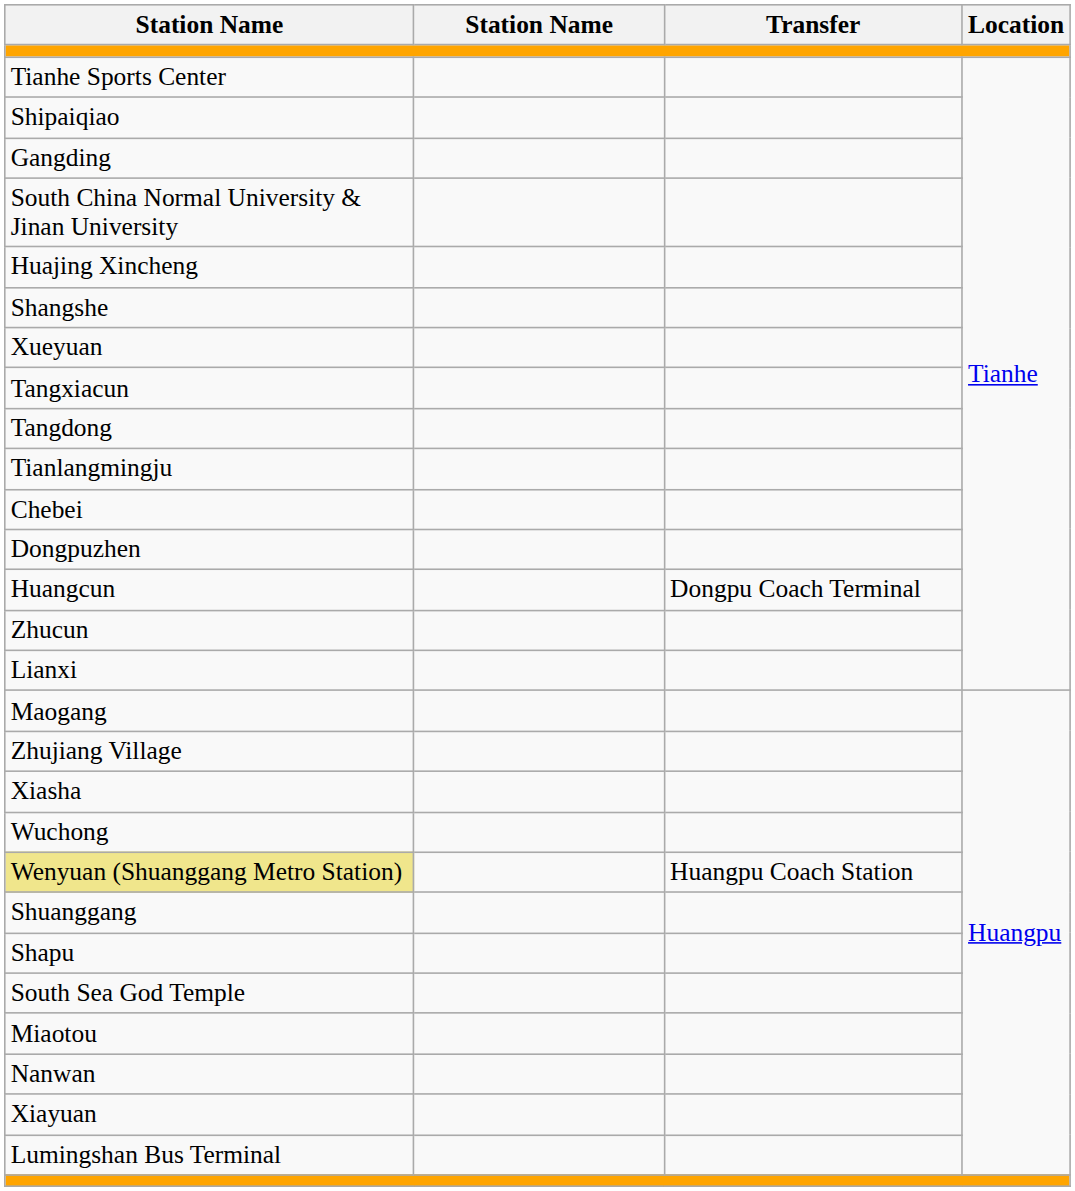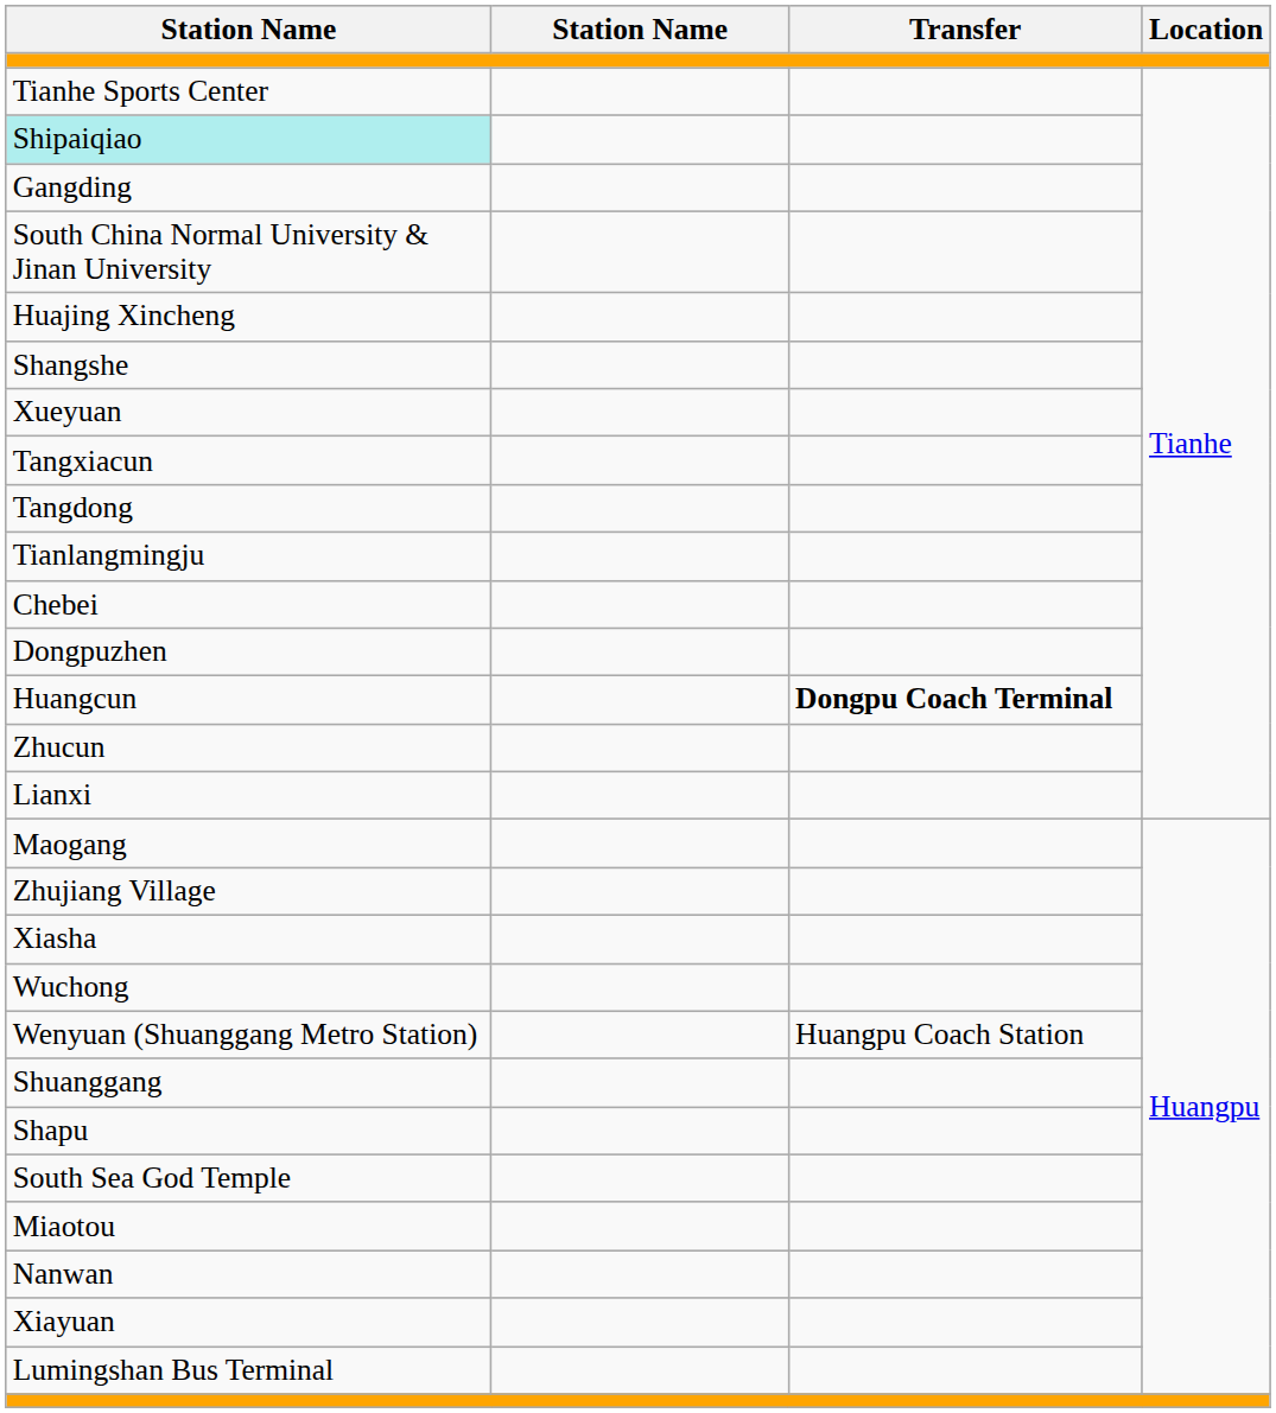 <table class="wikitable">
 <tr>
 <th width = "250pt">Station Name<br></th>
 <th width = "150pt">Station Name<br></th>
 <th width = "180pt">Transfer</th>
 <th>Location</th>
 </tr>
 <tr style = "background:orange; height: 2pt">
 <td colspan = "5"></td>
 </tr>
 <tr>
 <td>Tianhe Sports Center</td>
 <td><span></span></td>
 <td>   </td>
 <td rowspan="15"><a href='#'>Tianhe</a></td>
 </tr>
 <tr>
-<td>Shipaiqiao</td>
+<td style="background: paleturquoise;">Shipaiqiao</td>
 <td><span></span></td>
 <td> </td>
 </tr>
 <tr>
 <td>Gangding</td>
 <td><span></span></td>
 <td> </td>
 </tr>
 <tr>
 <td>South China Normal University & Jinan University</td>
 <td><span></span></td>
 <td></td>
 </tr>
 <tr>
 <td>Huajing Xincheng</td>
 <td><span></span></td>
 <td></td>
 </tr>
 <tr>
 <td>Shangshe</td>
 <td><span></span></td>
 <td></td>
 </tr>
 <tr>
 <td>Xueyuan</td>
 <td><span></span></td>
 <td></td>
 </tr>
 <tr>
 <td>Tangxiacun</td>
 <td><span></span></td>
 <td></td>
 </tr>
 <tr>
 <td>Tangdong</td>
 <td><span></span></td>
 <td></td>
 </tr>
 <tr>
 <td>Tianlangmingju</td>
 <td><span></span></td>
 <td></td>
 </tr>
 <tr>
 <td>Chebei</td>
 <td><span></span></td>
 <td> </td>
 </tr>
 <tr>
 <td>Dongpuzhen</td>
 <td><span></span></td>
 <td></td>
 </tr>
 <tr>
 <td>Huangcun</td>
 <td><span></span></td>
-<td> Dongpu Coach Terminal</td>
+<td><strong> Dongpu Coach Terminal</strong></td>
 </tr>
 <tr>
 <td>Zhucun</td>
 <td><span></span></td>
 <td></td>
 </tr>
 <tr>
 <td>Lianxi</td>
 <td><span></span></td>
 <td></td>
 </tr>
 <tr>
 <td>Maogang</td>
 <td><span></span></td>
 <td></td>
 <td rowspan="12"><a href='#'>Huangpu</a></td>
 </tr>
 <tr>
 <td>Zhujiang Village</td>
 <td><span></span></td>
 <td></td>
 </tr>
 <tr>
 <td>Xiasha</td>
 <td><span></span></td>
 <td></td>
 </tr>
 <tr>
 <td>Wuchong</td>
 <td><span></span></td>
 <td></td>
 </tr>
 <tr>
-<td style="background: khaki;">Wenyuan (Shuanggang Metro Station)</td>
+<td>Wenyuan (Shuanggang Metro Station)</td>
 <td><span></span></td>
 <td>  Huangpu Coach Station</td>
 </tr>
 <tr>
 <td>Shuanggang</td>
 <td><span></span></td>
 <td></td>
 </tr>
 <tr>
 <td>Shapu</td>
 <td><span></span></td>
 <td></td>
 </tr>
 <tr>
 <td>South Sea God Temple</td>
 <td><span></span></td>
 <td> </td>
 </tr>
 <tr>
 <td>Miaotou</td>
 <td><span></span></td>
 <td></td>
 </tr>
 <tr>
 <td>Nanwan</td>
 <td><span></span></td>
 <td></td>
 </tr>
 <tr>
 <td>Xiayuan</td>
 <td><span></span></td>
 <td>  </td>
 </tr>
 <tr>
 <td>Lumingshan Bus Terminal</td>
 <td><span></span></td>
 <td></td>
 </tr>
 <tr style = "background:orange; height: 2pt">
 <td colspan = "5"></td>
 </tr>
 </table>
